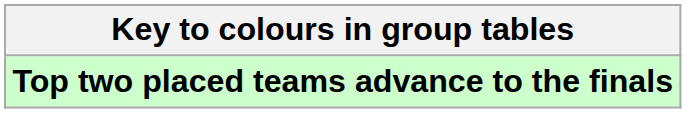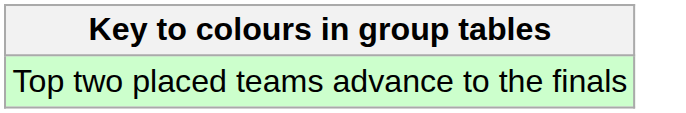 <table class="wikitable">
 <tr>
 <th>Key to colours in group tables</th>
 </tr>
 <tr bgcolor=#ccffcc>
-<td><strong>Top two placed teams advance to the finals</strong></td>
+<td>Top two placed teams advance to the finals</td>
 </tr>
 </table>
